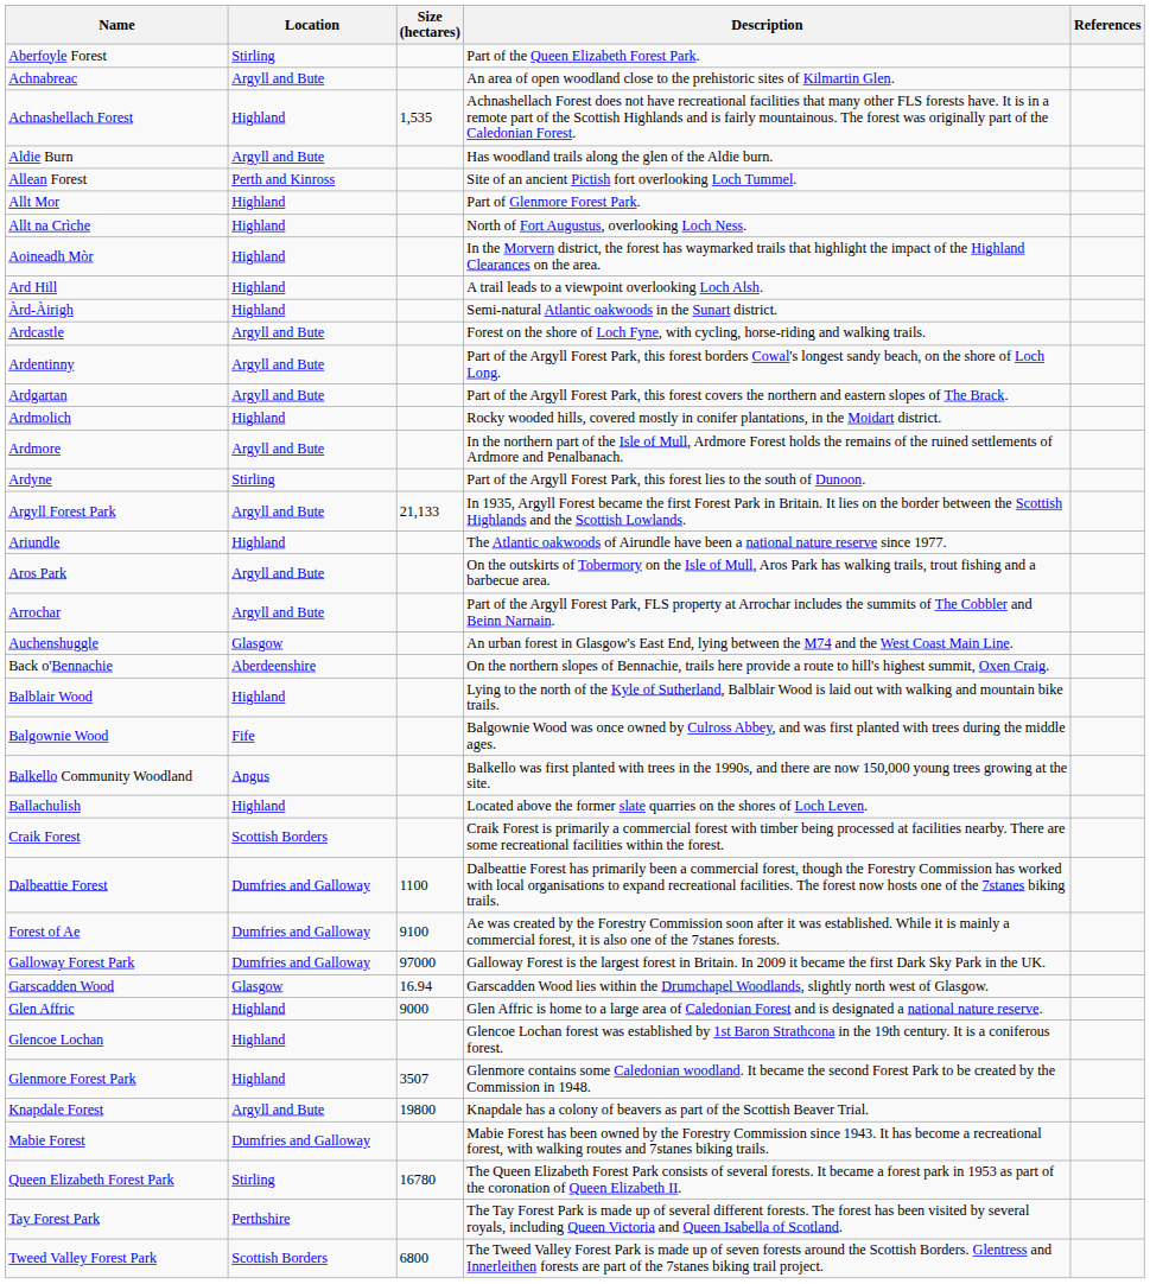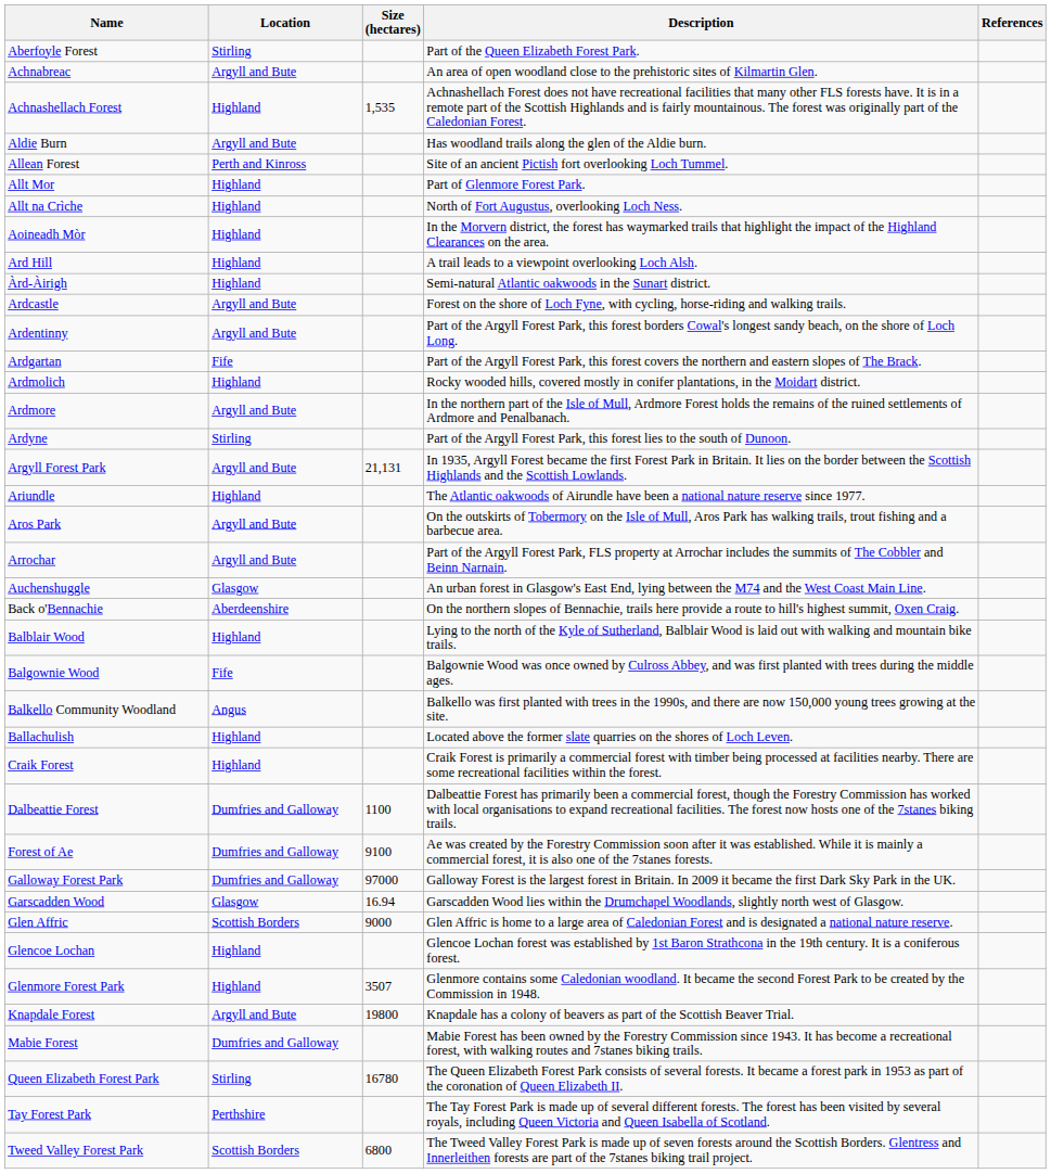 <table class="wikitable sortable" style="width:100%">
 <tr>
 <th scope="col" width="20%">Name</th>
 <th scope="col" width="15%">Location</th>
 <th scope="col" width="5%">Size (hectares)</th>
 <th scope="col" width="55%">Description</th>
 <th scope="col" width="5%">References</th>
 </tr>
 <tr>
 <td><a href='#'>Aberfoyle</a> Forest</td>
 <td><a href='#'>Stirling</a></td>
 <td></td>
 <td>Part of the <a href='#'>Queen Elizabeth Forest Park</a>.</td>
 <td></td>
 </tr>
 <tr>
 <td><a href='#'>Achnabreac</a></td>
 <td><a href='#'>Argyll and Bute</a></td>
 <td></td>
 <td>An area of open woodland close to the prehistoric sites of <a href='#'>Kilmartin Glen</a>.</td>
 <td></td>
 </tr>
 <tr>
 <td><a href='#'>Achnashellach Forest</a></td>
 <td><a href='#'>Highland</a></td>
 <td>1,535</td>
 <td>Achnashellach Forest does not have recreational facilities that many other FLS forests have. It is in a remote part of the Scottish Highlands and is fairly mountainous. The forest was originally part of the <a href='#'>Caledonian Forest</a>.</td>
 <td></td>
 </tr>
 <tr>
 <td><a href='#'>Aldie</a> Burn</td>
 <td><a href='#'>Argyll and Bute</a></td>
 <td></td>
 <td>Has woodland trails along the glen of the Aldie burn.</td>
 <td></td>
 </tr>
 <tr>
 <td><a href='#'>Allean</a> Forest</td>
 <td><a href='#'>Perth and Kinross</a></td>
 <td></td>
 <td>Site of an ancient <a href='#'>Pictish</a> fort overlooking <a href='#'>Loch Tummel</a>.</td>
 <td></td>
 </tr>
 <tr>
 <td><a href='#'>Allt Mor</a></td>
 <td><a href='#'>Highland</a></td>
 <td></td>
 <td>Part of <a href='#'>Glenmore Forest Park</a>.</td>
 <td></td>
 </tr>
 <tr>
 <td><a href='#'>Allt na Crìche</a></td>
 <td><a href='#'>Highland</a></td>
 <td></td>
 <td>North of <a href='#'>Fort Augustus</a>, overlooking <a href='#'>Loch Ness</a>.</td>
 <td></td>
 </tr>
 <tr>
 <td><a href='#'>Aoineadh Mòr</a></td>
 <td><a href='#'>Highland</a></td>
 <td></td>
 <td>In the <a href='#'>Morvern</a> district, the forest has waymarked trails that highlight the impact of the <a href='#'>Highland Clearances</a> on the area.</td>
 <td></td>
 </tr>
 <tr>
 <td><a href='#'>Ard Hill</a></td>
 <td><a href='#'>Highland</a></td>
 <td></td>
 <td>A trail leads to a viewpoint overlooking <a href='#'>Loch Alsh</a>.</td>
 <td></td>
 </tr>
 <tr>
 <td><a href='#'>Àrd-Àirigh</a></td>
 <td><a href='#'>Highland</a></td>
 <td></td>
 <td>Semi-natural <a href='#'>Atlantic oakwoods</a> in the <a href='#'>Sunart</a> district.</td>
 <td></td>
 </tr>
 <tr>
 <td><a href='#'>Ardcastle</a></td>
 <td><a href='#'>Argyll and Bute</a></td>
 <td></td>
 <td>Forest on the shore of <a href='#'>Loch Fyne</a>, with cycling, horse-riding and walking trails.</td>
 <td></td>
 </tr>
 <tr>
 <td><a href='#'>Ardentinny</a></td>
 <td><a href='#'>Argyll and Bute</a></td>
 <td></td>
 <td>Part of the Argyll Forest Park, this forest borders <a href='#'>Cowal</a>'s longest sandy beach, on the shore of <a href='#'>Loch Long</a>.</td>
 <td></td>
 </tr>
 <tr>
 <td><a href='#'>Ardgartan</a></td>
-<td><a href='#'>Argyll and Bute</a></td>
+<td><a href='#'>Fife</a></td>
 <td></td>
 <td>Part of the Argyll Forest Park, this forest covers the northern and eastern slopes of <a href='#'>The Brack</a>.</td>
 <td></td>
 </tr>
 <tr>
 <td><a href='#'>Ardmolich</a></td>
 <td><a href='#'>Highland</a></td>
 <td></td>
 <td>Rocky wooded hills, covered mostly in conifer plantations, in the <a href='#'>Moidart</a> district.</td>
 <td></td>
 </tr>
 <tr>
 <td><a href='#'>Ardmore</a></td>
 <td><a href='#'>Argyll and Bute</a></td>
 <td></td>
 <td>In the northern part of the <a href='#'>Isle of Mull</a>, Ardmore Forest holds the remains of the ruined settlements of Ardmore and Penalbanach.</td>
 <td></td>
 </tr>
 <tr>
 <td><a href='#'>Ardyne</a></td>
 <td><a href='#'>Stirling</a></td>
 <td></td>
 <td>Part of the Argyll Forest Park, this forest lies to the south of <a href='#'>Dunoon</a>.</td>
 <td></td>
 </tr>
 <tr>
 <td><a href='#'>Argyll Forest Park</a></td>
 <td><a href='#'>Argyll and Bute</a></td>
-<td>21,133</td>
+<td>21,131</td>
 <td>In 1935, Argyll Forest became the first Forest Park in Britain. It lies on the border between the <a href='#'>Scottish Highlands</a> and the <a href='#'>Scottish Lowlands</a>.</td>
 <td></td>
 </tr>
 <tr>
 <td><a href='#'>Ariundle</a></td>
 <td><a href='#'>Highland</a></td>
 <td></td>
 <td>The <a href='#'>Atlantic oakwoods</a> of Airundle have been a <a href='#'>national nature reserve</a> since 1977.</td>
 <td></td>
 </tr>
 <tr>
 <td><a href='#'>Aros Park</a></td>
 <td><a href='#'>Argyll and Bute</a></td>
 <td></td>
 <td>On the outskirts of <a href='#'>Tobermory</a> on the <a href='#'>Isle of Mull</a>, Aros Park has walking trails, trout fishing and a barbecue area.</td>
 <td></td>
 </tr>
 <tr>
 <td><a href='#'>Arrochar</a></td>
 <td><a href='#'>Argyll and Bute</a></td>
 <td></td>
 <td>Part of the Argyll Forest Park, FLS property at Arrochar includes the summits of <a href='#'>The Cobbler</a> and <a href='#'>Beinn Narnain</a>.</td>
 <td></td>
 </tr>
 <tr>
 <td><a href='#'>Auchenshuggle</a></td>
 <td><a href='#'>Glasgow</a></td>
 <td></td>
 <td>An  urban forest in Glasgow's East End, lying between the <a href='#'>M74</a> and the <a href='#'>West Coast Main Line</a>.</td>
 <td></td>
 </tr>
 <tr>
 <td>Back o'<a href='#'>Bennachie</a></td>
 <td><a href='#'>Aberdeenshire</a></td>
 <td></td>
 <td>On the northern slopes of Bennachie, trails here provide a route to hill's highest summit, <a href='#'>Oxen Craig</a>.</td>
 <td></td>
 </tr>
 <tr>
 <td><a href='#'>Balblair Wood</a></td>
 <td><a href='#'>Highland</a></td>
 <td></td>
 <td>Lying to the north of the <a href='#'>Kyle of Sutherland</a>, Balblair Wood is laid out with walking and mountain bike trails.</td>
 <td></td>
 </tr>
 <tr>
 <td><a href='#'>Balgownie Wood</a></td>
 <td><a href='#'>Fife</a></td>
 <td></td>
 <td>Balgownie Wood was once owned by <a href='#'>Culross Abbey</a>, and was first planted with trees during the middle ages.</td>
 <td></td>
 </tr>
 <tr>
 <td><a href='#'>Balkello</a> Community Woodland</td>
 <td><a href='#'>Angus</a></td>
 <td></td>
 <td>Balkello was first planted with trees in the 1990s, and there are now 150,000 young trees growing at the site.</td>
 <td></td>
 </tr>
 <tr>
 <td><a href='#'>Ballachulish</a></td>
 <td><a href='#'>Highland</a></td>
 <td></td>
 <td>Located above the former <a href='#'>slate</a> quarries on the shores of <a href='#'>Loch Leven</a>.</td>
 <td></td>
 </tr>
 <tr>
 <td><a href='#'>Craik Forest</a></td>
-<td><a href='#'>Scottish Borders</a></td>
+<td><a href='#'>Highland</a></td>
 <td></td>
 <td>Craik Forest is primarily a commercial forest with timber being processed at facilities nearby. There are some recreational facilities within the forest.</td>
 <td></td>
 </tr>
 <tr>
 <td><a href='#'>Dalbeattie Forest</a></td>
 <td><a href='#'>Dumfries and Galloway</a></td>
 <td>1100</td>
 <td>Dalbeattie Forest has primarily been a commercial forest, though the Forestry Commission has worked with local organisations to expand recreational facilities. The forest now hosts one of the <a href='#'>7stanes</a> biking trails.</td>
 <td></td>
 </tr>
 <tr>
 <td><a href='#'>Forest of Ae</a></td>
 <td><a href='#'>Dumfries and Galloway</a></td>
 <td>9100</td>
 <td>Ae was created by the Forestry Commission soon after it was established. While it is mainly a commercial forest, it is also one of the 7stanes forests.</td>
 <td></td>
 </tr>
 <tr>
 <td><a href='#'>Galloway Forest Park</a></td>
 <td><a href='#'>Dumfries and Galloway</a></td>
 <td>97000</td>
 <td>Galloway Forest is the largest forest in Britain. In 2009 it became the first Dark Sky Park in the UK.</td>
 <td></td>
 </tr>
 <tr>
 <td><a href='#'>Garscadden Wood</a></td>
 <td><a href='#'>Glasgow</a></td>
 <td>16.94</td>
 <td>Garscadden Wood lies within the <a href='#'>Drumchapel Woodlands</a>, slightly north west of Glasgow.</td>
 <td></td>
 </tr>
 <tr>
 <td><a href='#'>Glen Affric</a></td>
-<td><a href='#'>Highland</a></td>
+<td><a href='#'>Scottish Borders</a></td>
 <td>9000</td>
 <td>Glen Affric is home to a large area of <a href='#'>Caledonian Forest</a> and is designated a <a href='#'>national nature reserve</a>.</td>
 <td></td>
 </tr>
 <tr>
 <td><a href='#'>Glencoe Lochan</a></td>
 <td><a href='#'>Highland</a></td>
 <td></td>
 <td>Glencoe Lochan forest was established by <a href='#'>1st Baron Strathcona</a> in the 19th century. It is a coniferous forest.</td>
 <td></td>
 </tr>
 <tr>
 <td><a href='#'>Glenmore Forest Park</a></td>
 <td><a href='#'>Highland</a></td>
 <td>3507</td>
 <td>Glenmore contains some <a href='#'>Caledonian woodland</a>. It became the second Forest Park to be created by the Commission in 1948.</td>
 <td></td>
 </tr>
 <tr>
 <td><a href='#'>Knapdale Forest</a></td>
 <td><a href='#'>Argyll and Bute</a></td>
 <td>19800</td>
 <td>Knapdale has a colony of beavers as part of the Scottish Beaver Trial.</td>
 <td></td>
 </tr>
 <tr>
 <td><a href='#'>Mabie Forest</a></td>
 <td><a href='#'>Dumfries and Galloway</a></td>
 <td></td>
 <td>Mabie Forest has been owned by the Forestry Commission since 1943. It has become a recreational forest, with walking routes and 7stanes biking trails.</td>
 <td></td>
 </tr>
 <tr>
 <td><a href='#'>Queen Elizabeth Forest Park</a></td>
 <td><a href='#'>Stirling</a></td>
 <td>16780</td>
 <td>The Queen Elizabeth Forest Park consists of several forests. It became a forest park in 1953 as part of the coronation of <a href='#'>Queen Elizabeth II</a>.</td>
 <td></td>
 </tr>
 <tr>
 <td><a href='#'>Tay Forest Park</a></td>
 <td><a href='#'>Perthshire</a></td>
 <td></td>
 <td>The Tay Forest Park is made up of several different forests. The forest has been visited by several royals, including <a href='#'>Queen Victoria</a> and <a href='#'>Queen Isabella of Scotland</a>.</td>
 <td></td>
 </tr>
 <tr>
 <td><a href='#'>Tweed Valley Forest Park</a></td>
 <td><a href='#'>Scottish Borders</a></td>
 <td>6800</td>
 <td>The Tweed Valley Forest Park is made up of seven forests around the Scottish Borders. <a href='#'>Glentress</a> and <a href='#'>Innerleithen</a> forests are part of the 7stanes biking trail project.</td>
 <td></td>
 </tr>
 </table>
